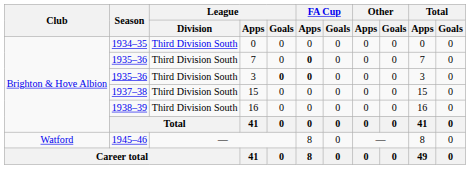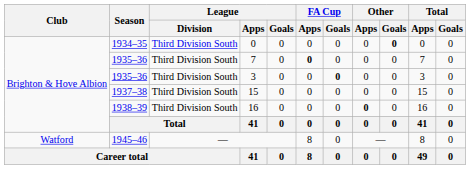 <table class="wikitable" style=text-align:center>
 <tr>
 <th rowspan=2>Club</th>
 <th rowspan=2>Season</th>
 <th colspan=3>League</th>
 <th colspan=2><a href='#'>FA Cup</a></th>
 <th colspan=2>Other</th>
 <th colspan=2>Total</th>
 </tr>
 <tr>
 <th>Division</th>
 <th>Apps</th>
 <th>Goals</th>
 <th>Apps</th>
 <th>Goals</th>
 <th>Apps</th>
 <th>Goals</th>
 <th>Apps</th>
 <th>Goals</th>
 </tr>
 <tr>
 <td rowspan=6><a href='#'>Brighton & Hove Albion</a></td>
 <td><a href='#'>1934–35</a></td>
 <td><a href='#'>Third Division South</a></td>
 <td>0</td>
 <td>0</td>
 <td>0</td>
 <td>0</td>
 <td>0</td>
-<td>0</td>
+<td><strong>0</strong></td>
 <td>0</td>
 <td>0</td>
 </tr>
 <tr>
 <td><a href='#'>1935–36</a></td>
 <td>Third Division South</td>
 <td>7</td>
 <td>0</td>
 <td><strong>0</strong></td>
 <td>0</td>
 <td>0</td>
 <td>0</td>
 <td>7</td>
 <td>0</td>
 </tr>
 <tr>
 <td><a href='#'>1935–36</a></td>
 <td>Third Division South</td>
 <td>3</td>
+<td>0</td>
+<td>0</td>
 <td><strong>0</strong></td>
-<td><strong>0</strong></td>
-<td>0</td>
 <td>0</td>
 <td>0</td>
 <td>3</td>
 <td>0</td>
 </tr>
 <tr>
 <td><a href='#'>1937–38</a></td>
 <td>Third Division South</td>
 <td>15</td>
 <td>0</td>
 <td>0</td>
 <td>0</td>
 <td>0</td>
 <td>0</td>
 <td>15</td>
 <td>0</td>
 </tr>
 <tr>
 <td><a href='#'>1938–39</a></td>
 <td>Third Division South</td>
 <td>16</td>
 <td>0</td>
 <td>0</td>
 <td>0</td>
-<td>0</td>
+<td><strong>0</strong></td>
 <td>0</td>
 <td>16</td>
 <td>0</td>
 </tr>
 <tr>
 <th colspan=2>Total</th>
 <th>41</th>
 <th>0</th>
 <th>0</th>
 <th>0</th>
 <th>0</th>
 <th>0</th>
 <th>41</th>
 <th>0</th>
 </tr>
 <tr>
 <td><a href='#'>Watford</a></td>
 <td><a href='#'>1945–46</a></td>
 <td colspan=3>—</td>
 <td>8</td>
 <td>0</td>
 <td colspan=2>—</td>
 <td>8</td>
 <td>0</td>
 </tr>
 <tr>
 <th colspan=3>Career total</th>
 <th>41</th>
 <th>0</th>
 <th>8</th>
 <th>0</th>
 <th>0</th>
 <th>0</th>
 <th>49</th>
 <th>0</th>
 </tr>
 </table>
